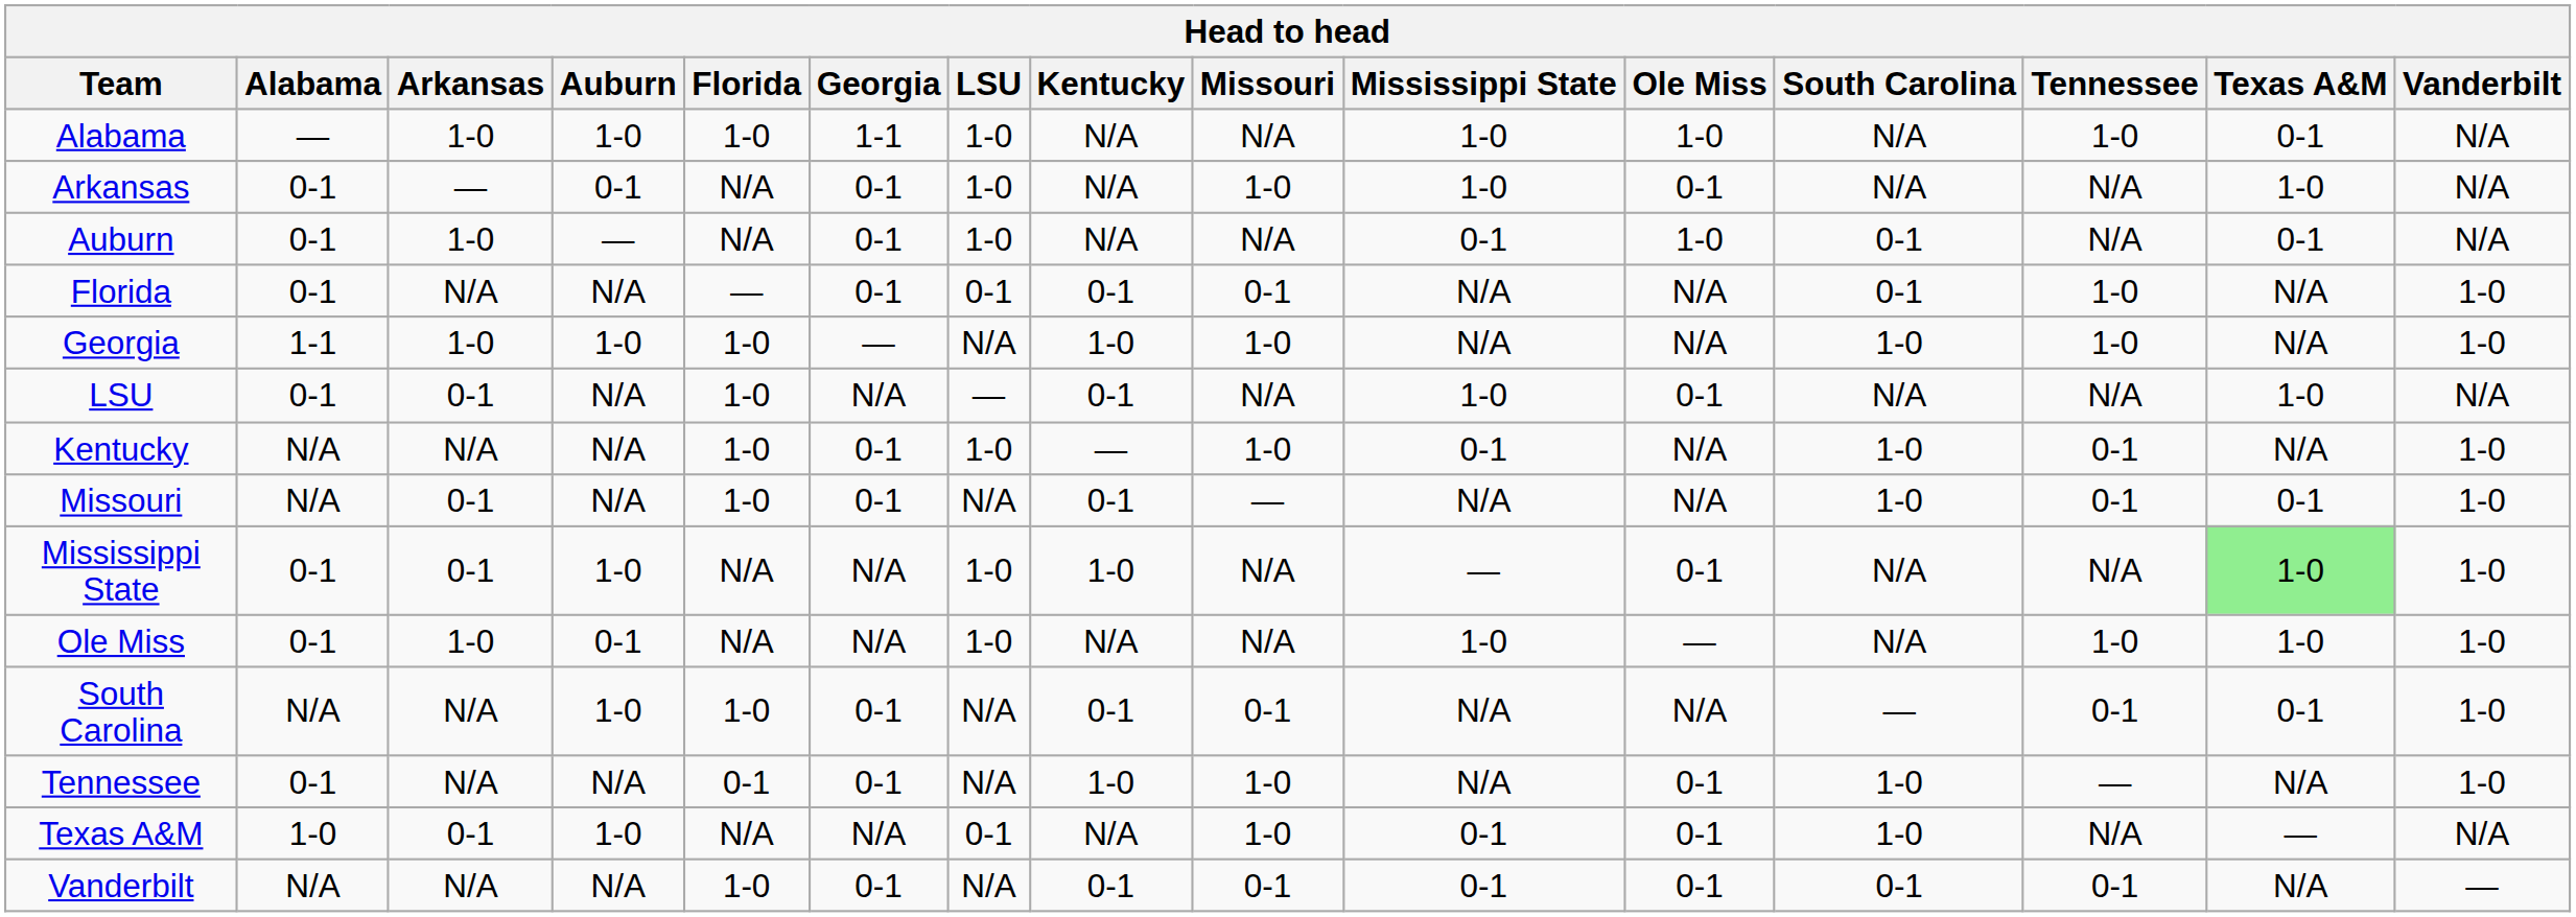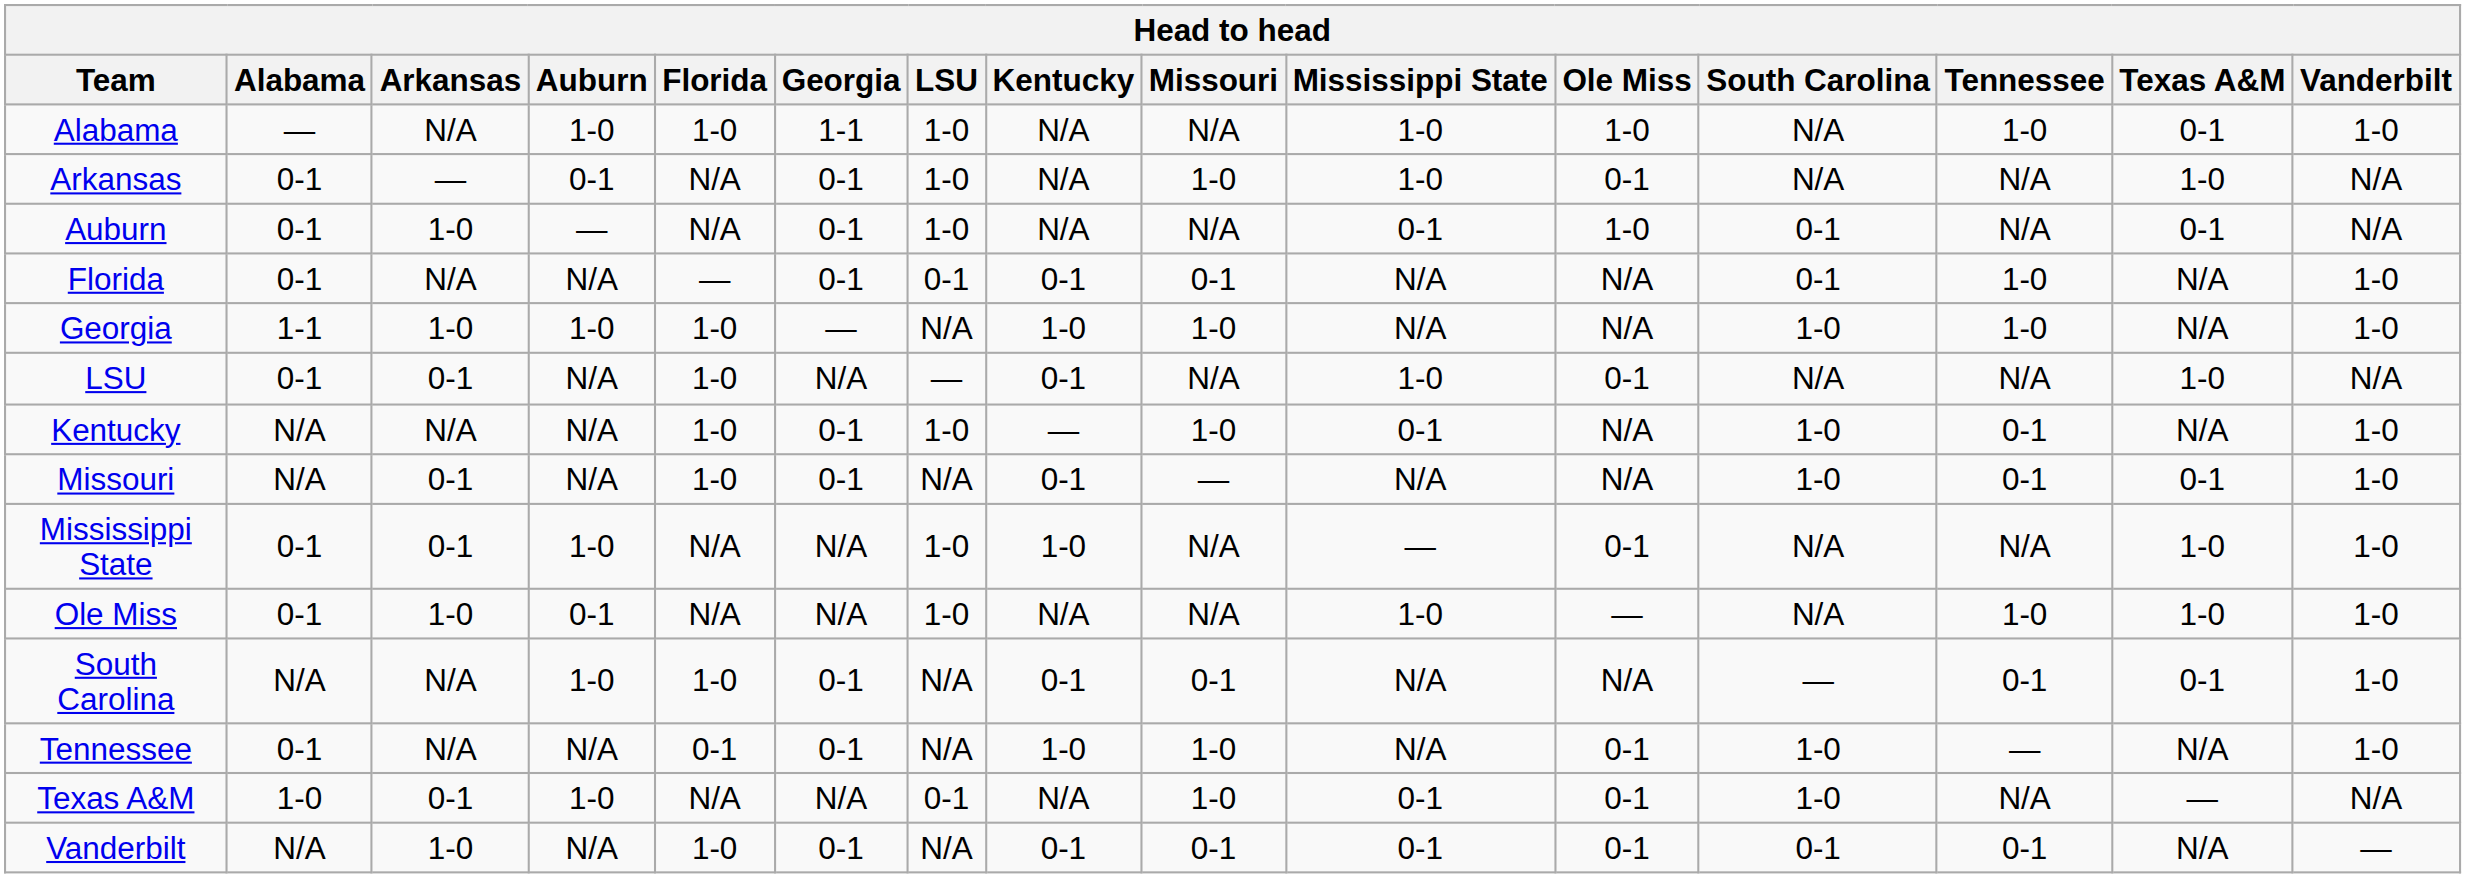 <table class="wikitable" style="font-size:95%; text-align:center;">
 <tr>
 <th colspan=17>Head to head</th>
 </tr>
 <tr>
 <th style="width:100px;">Team</th>
 <th>Alabama</th>
 <th>Arkansas</th>
 <th>Auburn</th>
 <th>Florida</th>
 <th>Georgia</th>
 <th>LSU</th>
 <th>Kentucky</th>
 <th>Missouri</th>
 <th>Mississippi State</th>
 <th>Ole Miss</th>
 <th>South Carolina</th>
 <th>Tennessee</th>
 <th>Texas A&M</th>
 <th>Vanderbilt</th>
 </tr>
 <tr>
 <td><a href='#'>Alabama</a></td>
 <td>—</td>
-<td>1-0</td>
+<td>N/A</td>
 <td>1-0</td>
 <td>1-0</td>
 <td>1-1</td>
 <td>1-0</td>
 <td>N/A</td>
 <td>N/A</td>
 <td>1-0</td>
 <td>1-0</td>
 <td>N/A</td>
 <td>1-0</td>
 <td>0-1</td>
-<td>N/A</td>
+<td>1-0</td>
 </tr>
 <tr>
 <td><a href='#'>Arkansas</a></td>
 <td>0-1</td>
 <td>—</td>
 <td>0-1</td>
 <td>N/A</td>
 <td>0-1</td>
 <td>1-0</td>
 <td>N/A</td>
 <td>1-0</td>
 <td>1-0</td>
 <td>0-1</td>
 <td>N/A</td>
 <td>N/A</td>
 <td>1-0</td>
 <td>N/A</td>
 </tr>
 <tr>
 <td><a href='#'>Auburn</a></td>
 <td>0-1</td>
 <td>1-0</td>
 <td>—</td>
 <td>N/A</td>
 <td>0-1</td>
 <td>1-0</td>
 <td>N/A</td>
 <td>N/A</td>
 <td>0-1</td>
 <td>1-0</td>
 <td>0-1</td>
 <td>N/A</td>
 <td>0-1</td>
 <td>N/A</td>
 </tr>
 <tr>
 <td><a href='#'>Florida</a></td>
 <td>0-1</td>
 <td>N/A</td>
 <td>N/A</td>
 <td>—</td>
 <td>0-1</td>
 <td>0-1</td>
 <td>0-1</td>
 <td>0-1</td>
 <td>N/A</td>
 <td>N/A</td>
 <td>0-1</td>
 <td>1-0</td>
 <td>N/A</td>
 <td>1-0</td>
 </tr>
 <tr>
 <td><a href='#'>Georgia</a></td>
 <td>1-1</td>
 <td>1-0</td>
 <td>1-0</td>
 <td>1-0</td>
 <td>—</td>
 <td>N/A</td>
 <td>1-0</td>
 <td>1-0</td>
 <td>N/A</td>
 <td>N/A</td>
 <td>1-0</td>
 <td>1-0</td>
 <td>N/A</td>
 <td>1-0</td>
 </tr>
 <tr>
 <td><a href='#'>LSU</a></td>
 <td>0-1</td>
 <td>0-1</td>
 <td>N/A</td>
 <td>1-0</td>
 <td>N/A</td>
 <td>—</td>
 <td>0-1</td>
 <td>N/A</td>
 <td>1-0</td>
 <td>0-1</td>
 <td>N/A</td>
 <td>N/A</td>
 <td>1-0</td>
 <td>N/A</td>
 </tr>
 <tr>
 <td><a href='#'>Kentucky</a></td>
 <td>N/A</td>
 <td>N/A</td>
 <td>N/A</td>
 <td>1-0</td>
 <td>0-1</td>
 <td>1-0</td>
 <td>—</td>
 <td>1-0</td>
 <td>0-1</td>
 <td>N/A</td>
 <td>1-0</td>
 <td>0-1</td>
 <td>N/A</td>
 <td>1-0</td>
 </tr>
 <tr>
 <td><a href='#'>Missouri</a></td>
 <td>N/A</td>
 <td>0-1</td>
 <td>N/A</td>
 <td>1-0</td>
 <td>0-1</td>
 <td>N/A</td>
 <td>0-1</td>
 <td>—</td>
 <td>N/A</td>
 <td>N/A</td>
 <td>1-0</td>
 <td>0-1</td>
 <td>0-1</td>
 <td>1-0</td>
 </tr>
 <tr>
 <td><a href='#'>Mississippi State</a></td>
 <td>0-1</td>
 <td>0-1</td>
 <td>1-0</td>
 <td>N/A</td>
 <td>N/A</td>
 <td>1-0</td>
 <td>1-0</td>
 <td>N/A</td>
 <td>—</td>
 <td>0-1</td>
 <td>N/A</td>
 <td>N/A</td>
-<td style="background: lightgreen;">1-0</td>
+<td>1-0</td>
 <td>1-0</td>
 </tr>
 <tr>
 <td><a href='#'>Ole Miss</a></td>
 <td>0-1</td>
 <td>1-0</td>
 <td>0-1</td>
 <td>N/A</td>
 <td>N/A</td>
 <td>1-0</td>
 <td>N/A</td>
 <td>N/A</td>
 <td>1-0</td>
 <td>—</td>
 <td>N/A</td>
 <td>1-0</td>
 <td>1-0</td>
 <td>1-0</td>
 </tr>
 <tr>
 <td><a href='#'>South Carolina</a></td>
 <td>N/A</td>
 <td>N/A</td>
 <td>1-0</td>
 <td>1-0</td>
 <td>0-1</td>
 <td>N/A</td>
 <td>0-1</td>
 <td>0-1</td>
 <td>N/A</td>
 <td>N/A</td>
 <td>—</td>
 <td>0-1</td>
 <td>0-1</td>
 <td>1-0</td>
 </tr>
 <tr>
 <td><a href='#'>Tennessee</a></td>
 <td>0-1</td>
 <td>N/A</td>
 <td>N/A</td>
 <td>0-1</td>
 <td>0-1</td>
 <td>N/A</td>
 <td>1-0</td>
 <td>1-0</td>
 <td>N/A</td>
 <td>0-1</td>
 <td>1-0</td>
 <td>—</td>
 <td>N/A</td>
 <td>1-0</td>
 </tr>
 <tr>
 <td><a href='#'>Texas A&M</a></td>
 <td>1-0</td>
 <td>0-1</td>
 <td>1-0</td>
 <td>N/A</td>
 <td>N/A</td>
 <td>0-1</td>
 <td>N/A</td>
 <td>1-0</td>
 <td>0-1</td>
 <td>0-1</td>
 <td>1-0</td>
 <td>N/A</td>
 <td>—</td>
 <td>N/A</td>
 </tr>
 <tr>
 <td><a href='#'>Vanderbilt</a></td>
 <td>N/A</td>
-<td>N/A</td>
+<td>1-0</td>
 <td>N/A</td>
 <td>1-0</td>
 <td>0-1</td>
 <td>N/A</td>
 <td>0-1</td>
 <td>0-1</td>
 <td>0-1</td>
 <td>0-1</td>
 <td>0-1</td>
 <td>0-1</td>
 <td>N/A</td>
 <td>—</td>
 </tr>
 </table>
